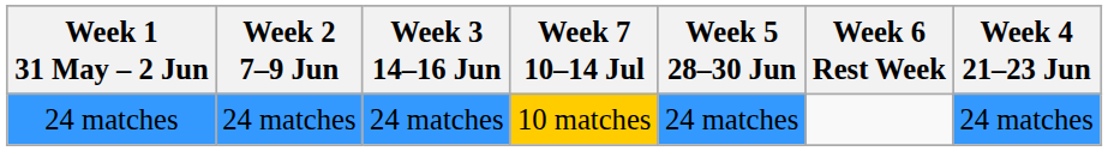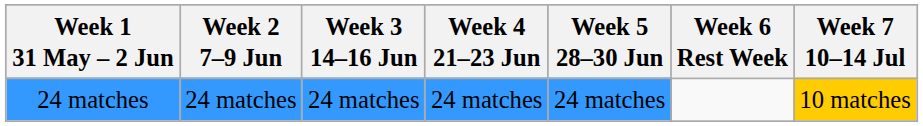 <table class="wikitable" style="margin:0.9em auto; font-size:90%; line-height:1.25em;">
 <tr>
 <th>Week 1<br>31 May – 2 Jun</th>
 <th>Week 2<br>7–9 Jun</th>
 <th>Week 3<br>14–16 Jun</th>
-<th>Week 7<br>10–14 Jul</th>
+<th>Week 4<br>21–23 Jun</th>
 <th>Week 5<br>28–30 Jun</th>
 <th>Week 6<br>Rest Week</th>
-<th>Week 4<br>21–23 Jun</th>
+<th>Week 7<br>10–14 Jul</th>
 </tr>
 <tr align="center">
 <td bgcolor=#3399ff>24 matches</td>
 <td bgcolor=#3399ff>24 matches</td>
 <td bgcolor=#3399ff>24 matches</td>
-<td bgcolor=#ffcc00>10 matches</td>
+<td bgcolor=#3399ff>24 matches</td>
 <td bgcolor=#3399ff>24 matches</td>
 <td></td>
-<td bgcolor=#3399ff>24 matches</td>
+<td bgcolor=#ffcc00>10 matches</td>
 </tr>
 </table>
